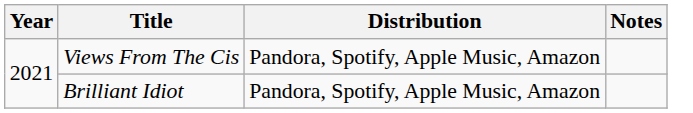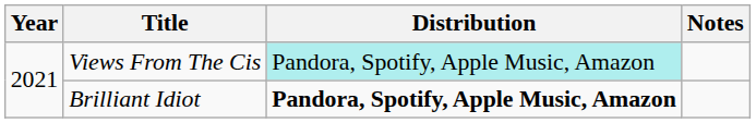 <table class="wikitable">
 <tr>
 <th>Year</th>
 <th>Title</th>
 <th>Distribution</th>
 <th>Notes</th>
 </tr>
 <tr>
 <td rowspan="2">2021</td>
 <td><em>Views From The Cis</em></td>
-<td>Pandora, Spotify, Apple Music, Amazon</td>
+<td style="background: paleturquoise;">Pandora, Spotify, Apple Music, Amazon</td>
 <td></td>
 </tr>
 <tr>
 <td><em>Brilliant Idiot</em></td>
-<td>Pandora, Spotify, Apple Music, Amazon</td>
+<td><strong>Pandora, Spotify, Apple Music, Amazon</strong></td>
 <td></td>
 </tr>
 </table>
